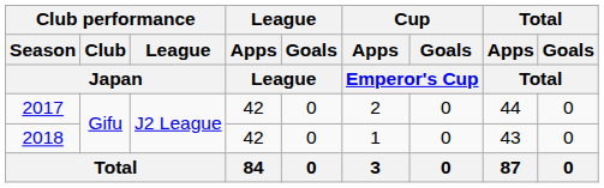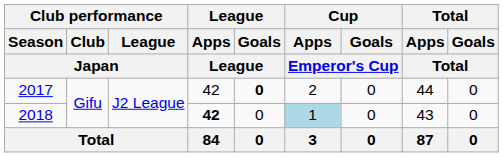 <table class="wikitable" style="text-align:center;">
 <tr>
 <th colspan=3>Club performance</th>
 <th colspan=2>League</th>
 <th colspan=2>Cup</th>
 <th colspan=2>Total</th>
 </tr>
 <tr>
 <th>Season</th>
 <th>Club</th>
 <th>League</th>
 <th>Apps</th>
 <th>Goals</th>
 <th>Apps</th>
 <th>Goals</th>
 <th>Apps</th>
 <th>Goals</th>
 </tr>
 <tr>
 <th colspan=3>Japan</th>
 <th colspan=2>League</th>
 <th colspan=2><a href='#'>Emperor's Cup</a></th>
 <th colspan=2>Total</th>
 </tr>
 <tr>
 <td><a href='#'>2017</a></td>
 <td rowspan="2"><a href='#'>Gifu</a></td>
 <td rowspan="2"><a href='#'>J2 League</a></td>
 <td>42</td>
-<td>0</td>
+<td><strong>0</strong></td>
 <td>2</td>
 <td>0</td>
 <td>44</td>
 <td>0</td>
 </tr>
 <tr>
 <td><a href='#'>2018</a></td>
-<td>42</td>
+<td><strong>42</strong></td>
 <td>0</td>
-<td>1</td>
+<td style="background: lightblue;">1</td>
 <td>0</td>
 <td>43</td>
 <td>0</td>
 </tr>
 <tr>
 <th colspan=3>Total</th>
 <th>84</th>
 <th>0</th>
 <th>3</th>
 <th>0</th>
 <th>87</th>
 <th>0</th>
 </tr>
 </table>
